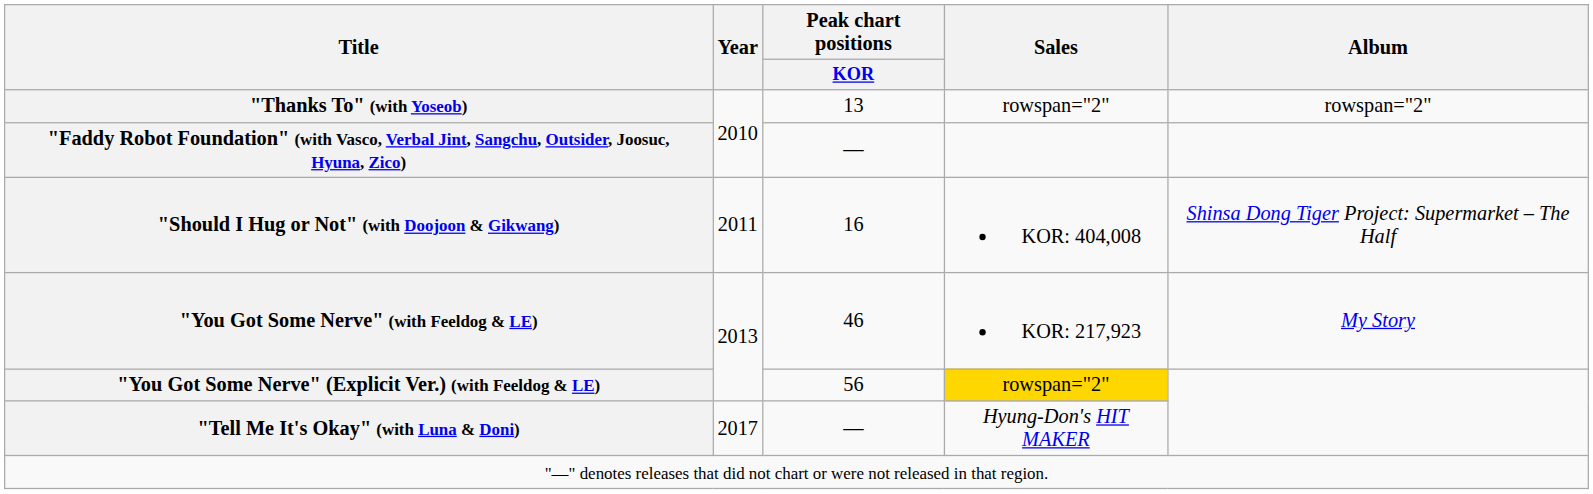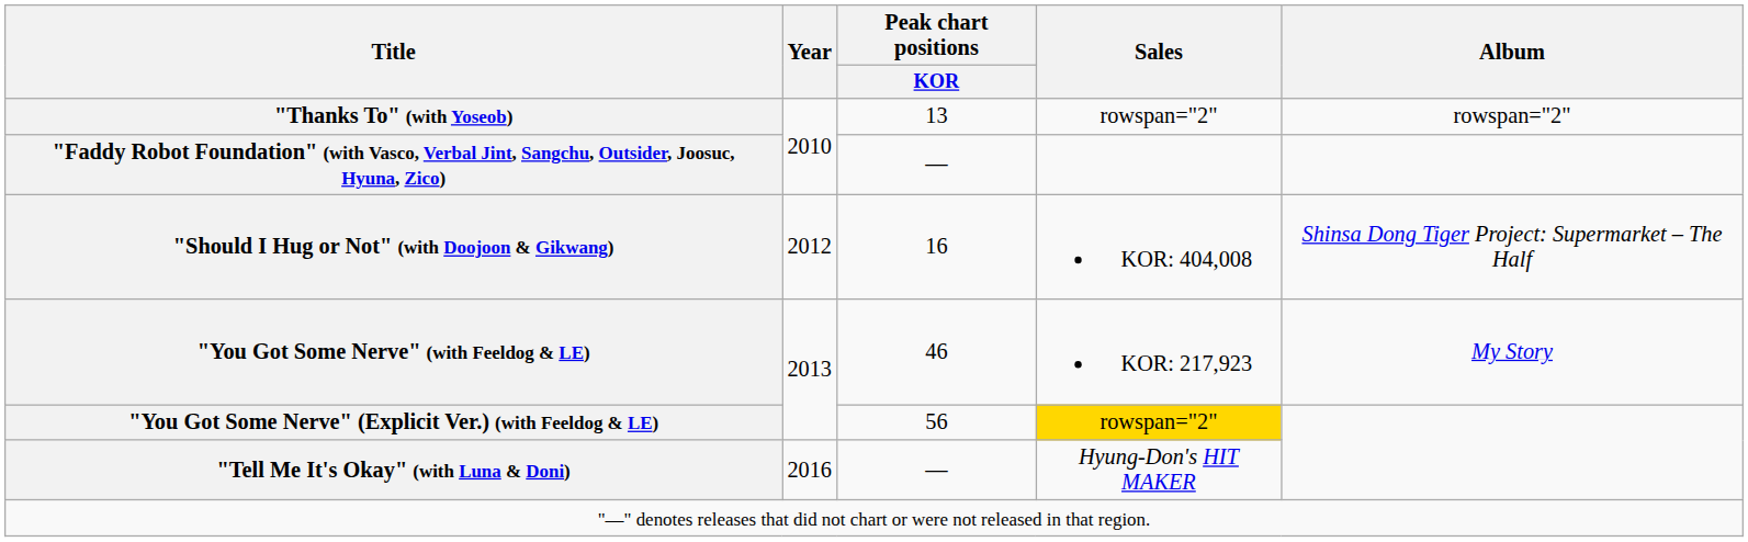 <table class="wikitable plainrowheaders" style="text-align:center;">
 <tr>
 <th rowspan="2" scope="col">Title</th>
 <th rowspan="2" scope="col">Year</th>
 <th scope="col">Peak chart positions</th>
 <th rowspan="2" scope="col">Sales</th>
 <th rowspan="2" scope="col">Album</th>
 </tr>
 <tr>
 <th style="width=3em;font-size:90%"><a href='#'>KOR</a><br></th>
 </tr>
 <tr>
 <th scope="row">"Thanks To" <small>(with <a href='#'>Yoseob</a>)</small></th>
 <td rowspan="2">2010</td>
 <td>13</td>
 <td>rowspan="2" </td>
 <td>rowspan="2" </td>
 </tr>
 <tr>
 <th scope="row">"Faddy Robot Foundation" <small>(with Vasco, <a href='#'>Verbal Jint</a>, <a href='#'>Sangchu</a>, <a href='#'>Outsider</a>, Joosuc, <a href='#'>Hyuna</a>, <a href='#'>Zico</a>)</small></th>
 <td>—</td>
 <td></td>
 </tr>
 <tr>
 <th scope="row">"Should I Hug or Not" <small>(with <a href='#'>Doojoon</a> & <a href='#'>Gikwang</a>)</small></th>
-<td>2011</td>
+<td>2012</td>
 <td>16</td>
 <td><br><ul><li>KOR: 404,008</li></ul></td>
 <td><em><a href='#'>Shinsa Dong Tiger</a> Project: Supermarket – The Half</em></td>
 </tr>
 <tr>
 <th scope="row">"You Got Some Nerve" <small>(with Feeldog & <a href='#'>LE</a>)</small></th>
 <td rowspan="2">2013</td>
 <td>46</td>
 <td><br><ul><li>KOR: 217,923</li></ul></td>
 <td><a href='#'><em>My Story</em></a></td>
 </tr>
 <tr>
 <th scope="row">"You Got Some Nerve" (Explicit Ver.) <small>(with Feeldog & <a href='#'>LE</a>)</small></th>
 <td>56</td>
 <td style="background: gold;">rowspan="2" </td>
 </tr>
 <tr>
 <th scope="row">"Tell Me It's Okay" <small>(with <a href='#'>Luna</a> & <a href='#'>Doni</a>)</small></th>
-<td>2017</td>
+<td>2016</td>
 <td>—</td>
 <td><em>Hyung-Don's <a href='#'>HIT MAKER</a></em></td>
 </tr>
 <tr>
 <td colspan="5"><small>"—" denotes releases that did not chart or were not released in that region.</small></td>
 </tr>
 </table>
